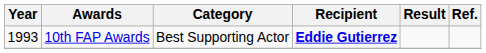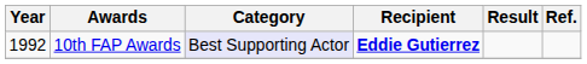 <table class="wikitable">
 <tr>
 <th>Year</th>
 <th>Awards</th>
 <th>Category</th>
 <th>Recipient</th>
 <th>Result</th>
 <th>Ref.</th>
 </tr>
 <tr>
-<td>1993</td>
+<td>1992</td>
 <td><a href='#'>10th FAP Awards</a></td>
-<td>Best Supporting Actor</td>
+<td style="background: lavender;">Best Supporting Actor</td>
 <td><strong><a href='#'>Eddie Gutierrez</a></strong></td>
 <td></td>
 <td></td>
 </tr>
 <tr>
 </tr>
 </table>
